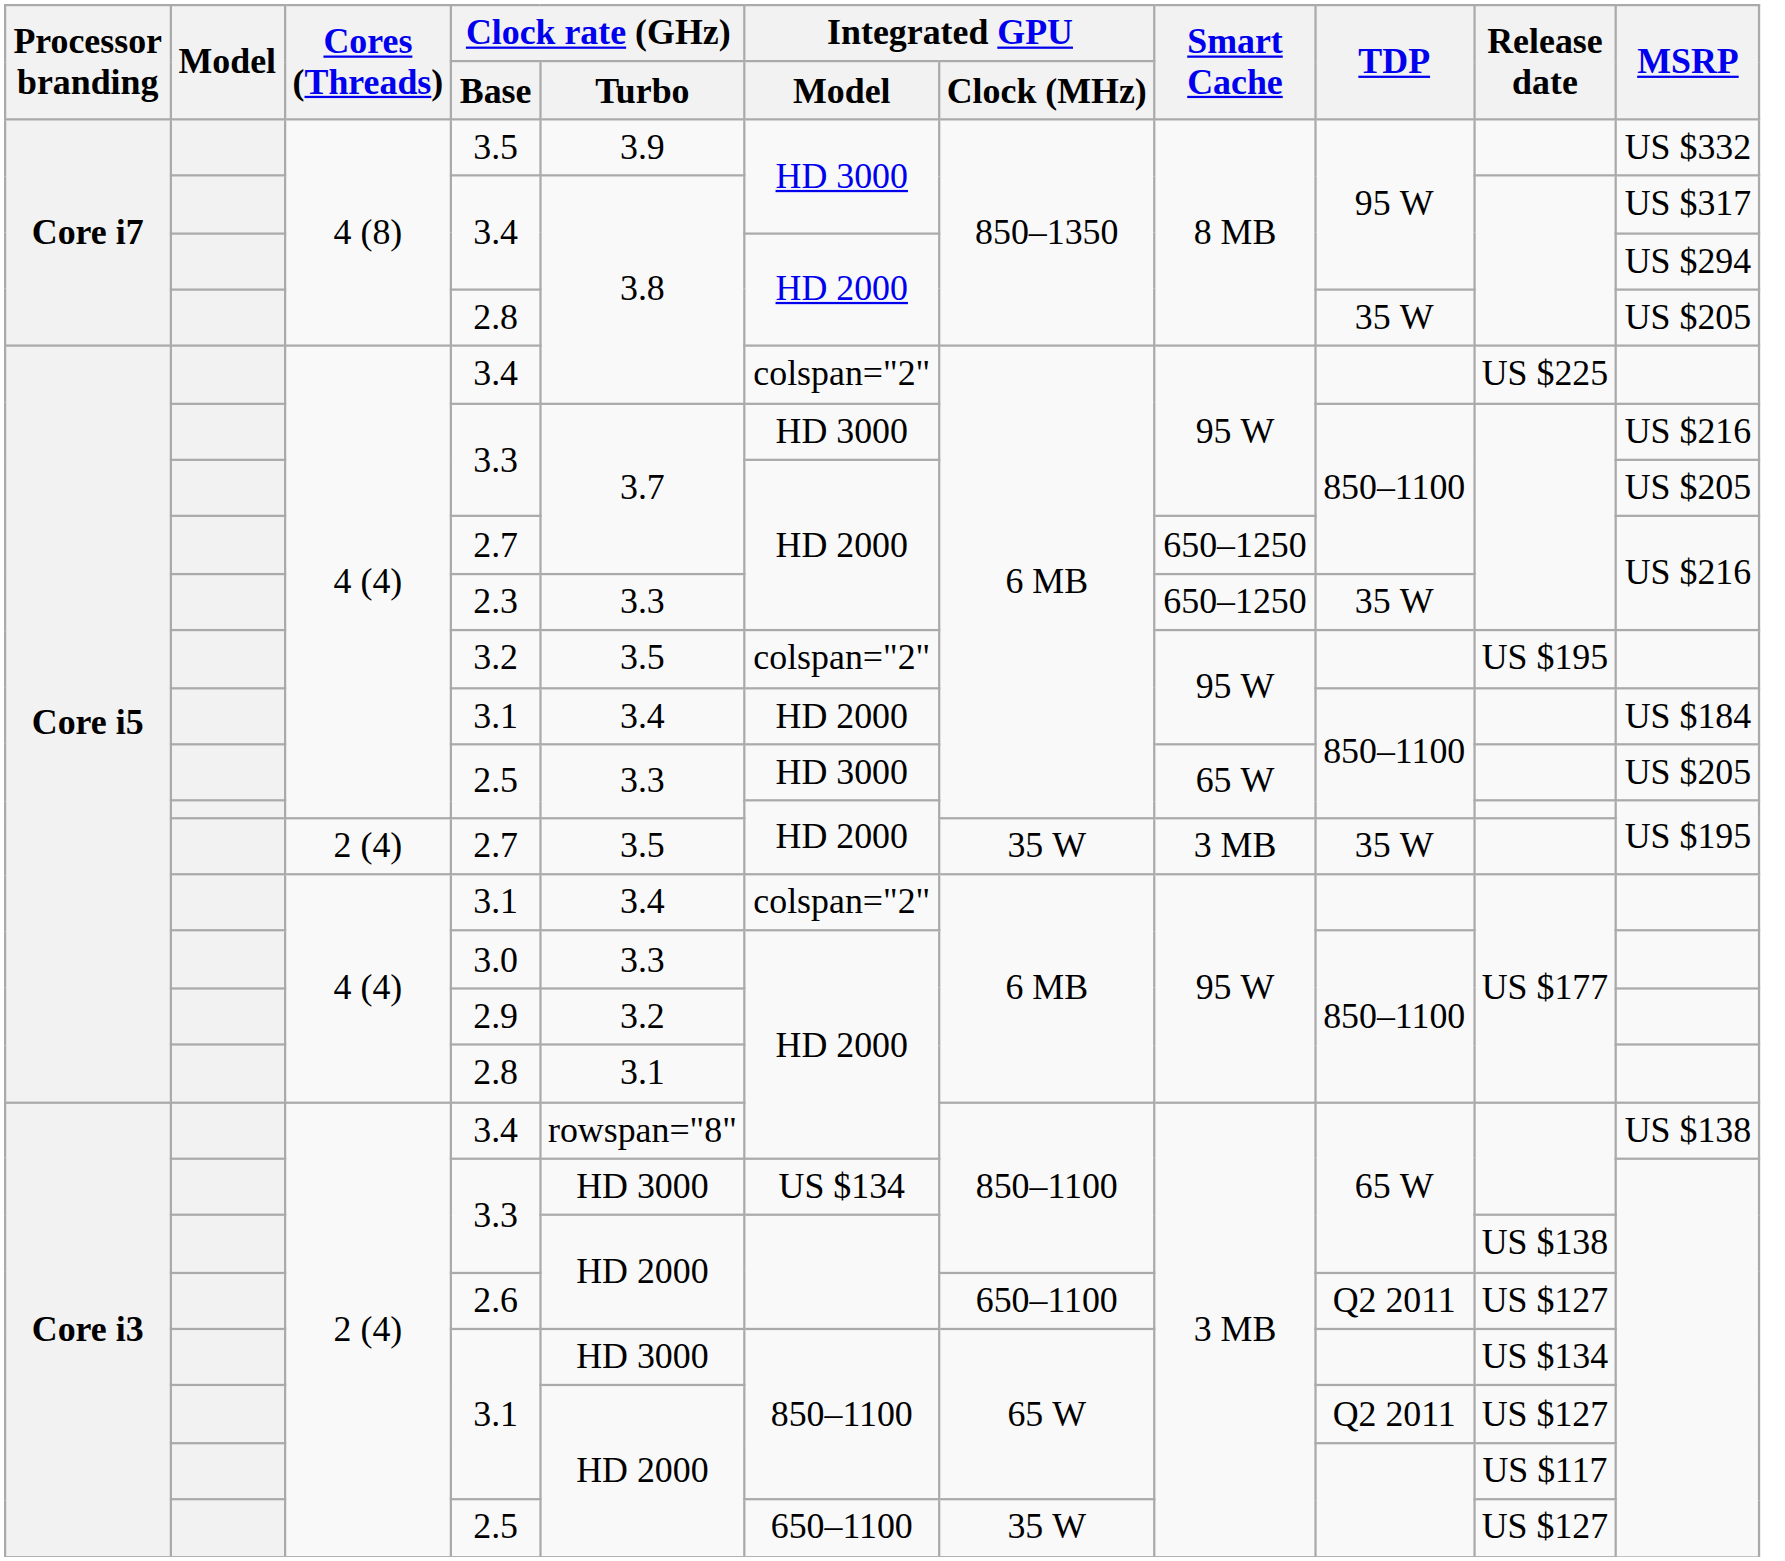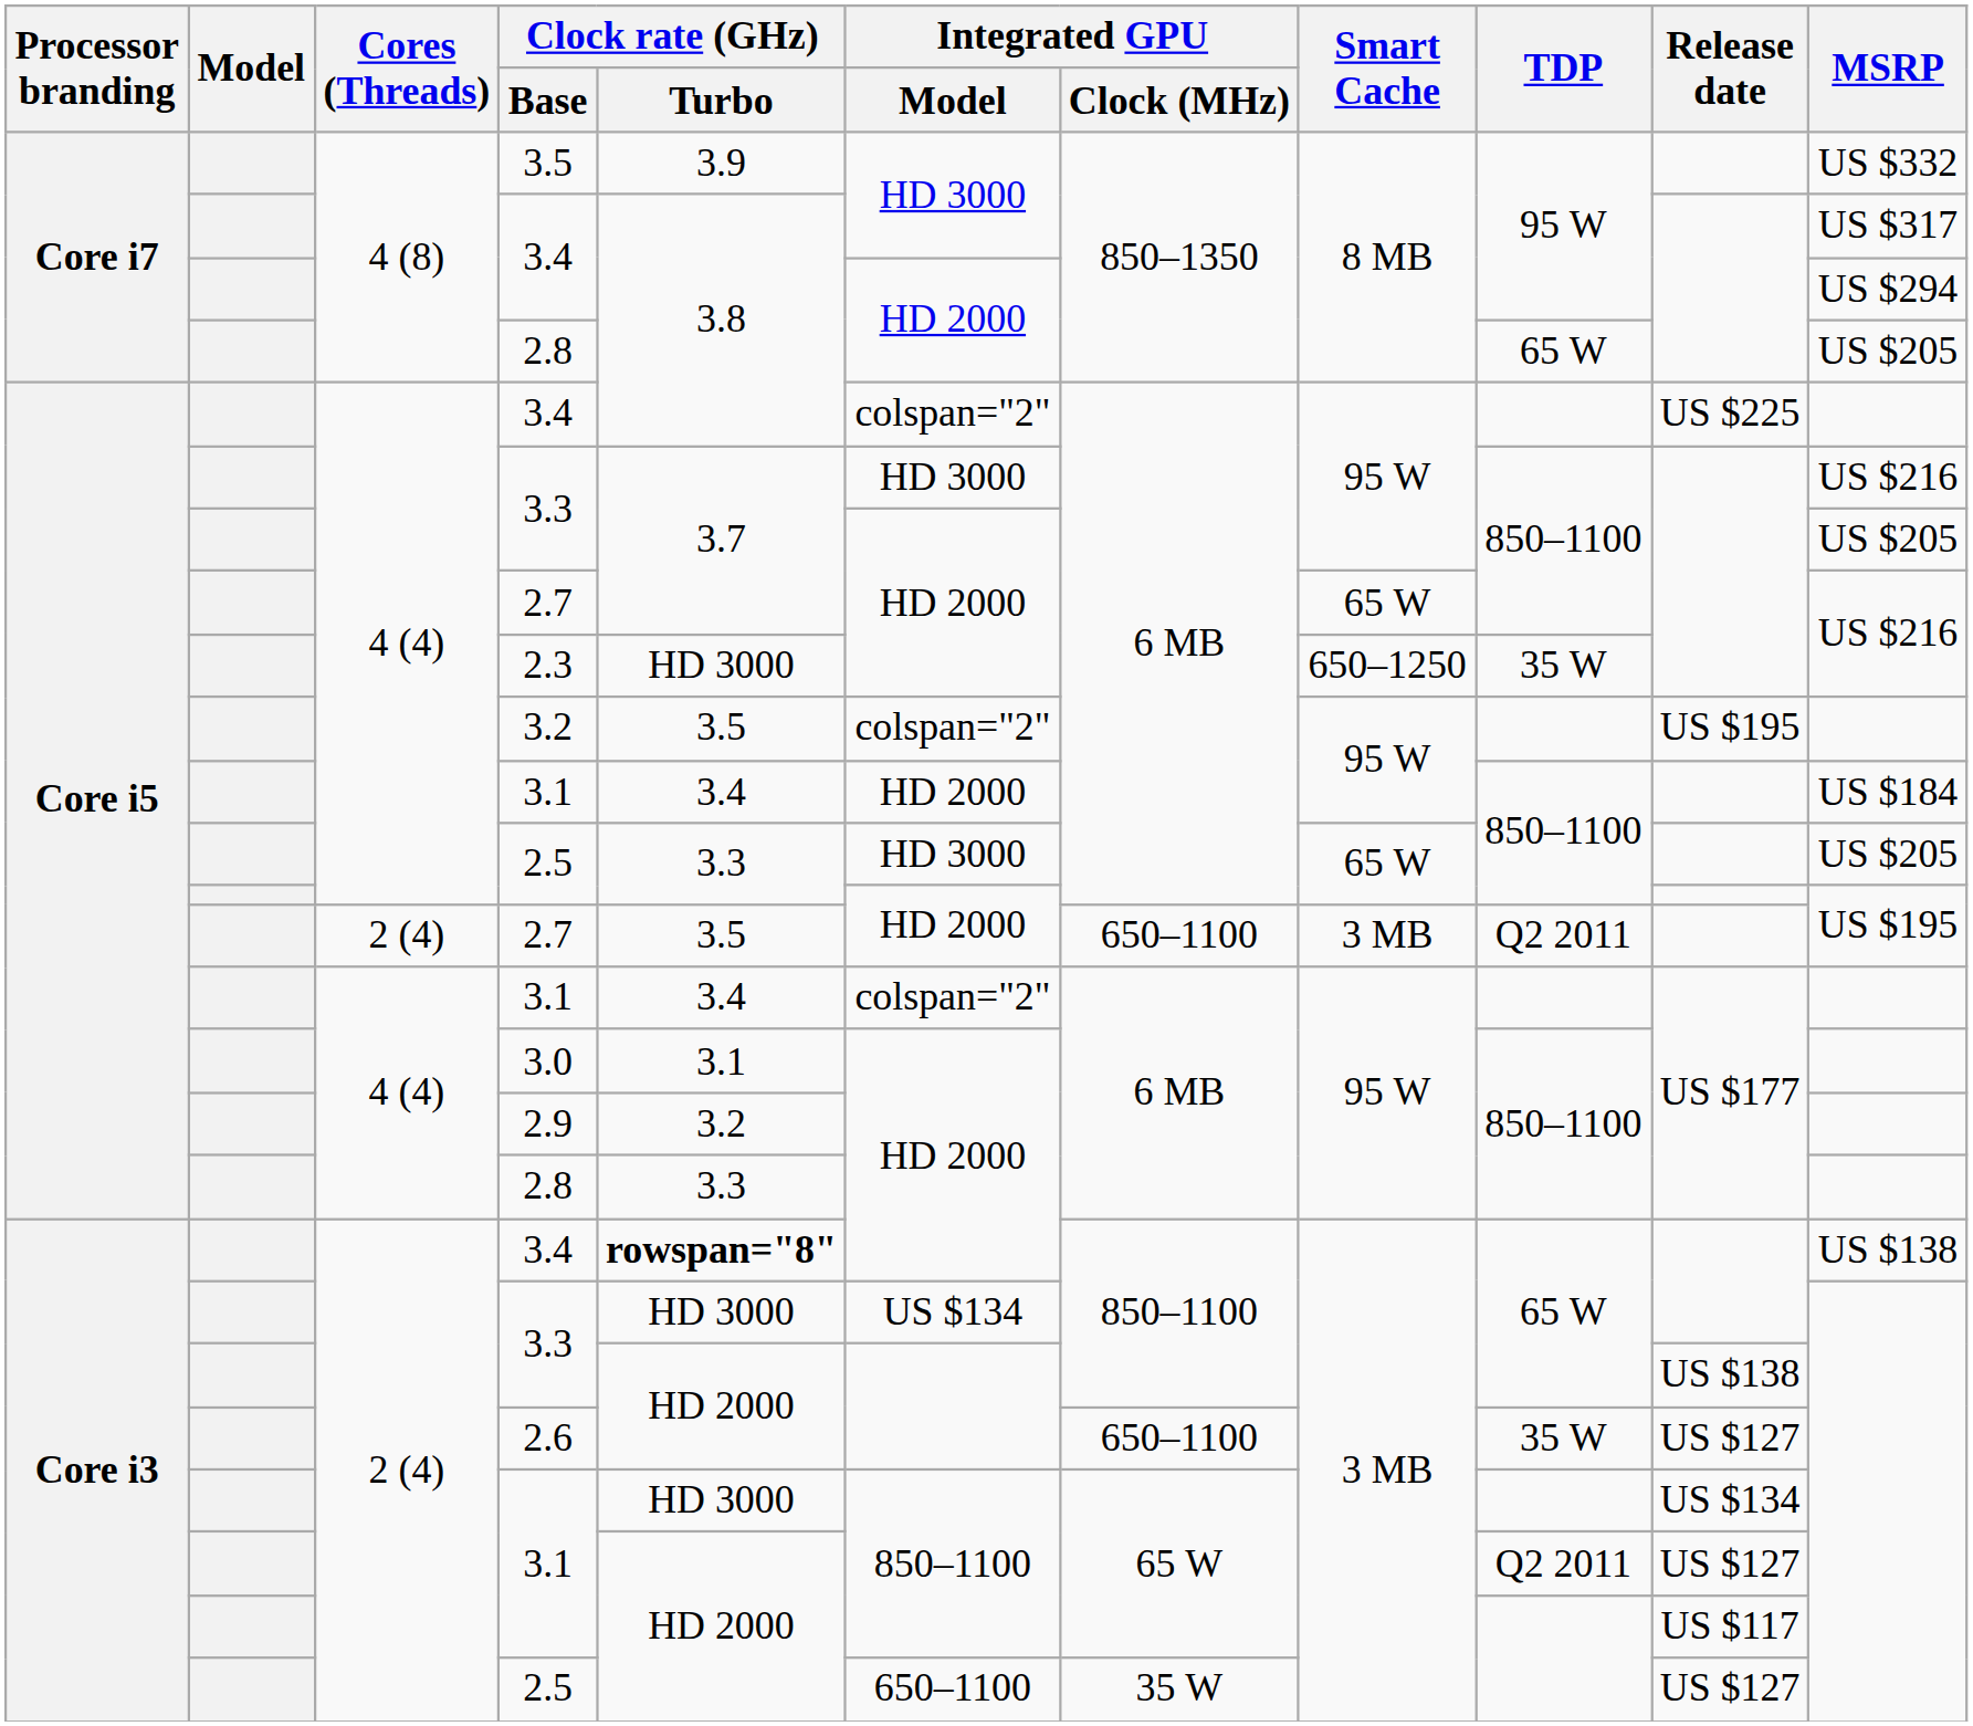 <table class="wikitable sortable nowrap" style="text-align: center;">
 <tr>
 <th class="unsortable" rowspan="2">Processor<br>branding</th>
 <th rowspan="2">Model</th>
 <th class="unsortable" rowspan="2"><a href='#'>Cores</a><br>(<a href='#'>Threads</a>)</th>
 <th colspan="2"><a href='#'>Clock rate</a> (GHz)</th>
 <th colspan="2">Integrated <a href='#'>GPU</a></th>
 <th class="unsortable" rowspan="2"><a href='#'>Smart<br>Cache</a></th>
 <th rowspan="2"><a href='#'>TDP</a></th>
 <th rowspan="2">Release<br>date</th>
 <th class="unsortable" rowspan="2"><a href='#'>MSRP</a></th>
 </tr>
 <tr>
 <th class="unsortable">Base</th>
 <th class="unsortable">Turbo</th>
 <th class="unsortable">Model</th>
 <th class="unsortable">Clock (MHz)</th>
 </tr>
 <tr>
 <th rowspan=4>Core i7</th>
 <th style="text-align:left;" data-sort-value="sku26"></th>
 <td rowspan=4>4 (8)</td>
 <td>3.5</td>
 <td>3.9</td>
 <td rowspan=2><a href='#'>HD 3000</a></td>
 <td rowspan=4>850–1350</td>
 <td rowspan=4>8 MB</td>
 <td rowspan=3>95 W</td>
 <td></td>
 <td>US $332</td>
 </tr>
 <tr>
 <th style="text-align:left;" data-sort-value="sku25"></th>
 <td rowspan=2>3.4</td>
 <td rowspan="4">3.8</td>
 <td rowspan=3></td>
 <td>US $317</td>
 </tr>
 <tr>
 <th style="text-align:left;" data-sort-value="sku24"></th>
 <td rowspan=2><a href='#'>HD 2000</a></td>
 <td>US $294</td>
 </tr>
 <tr>
 <th style="text-align:left;" data-sort-value="sku23"></th>
 <td>2.8</td>
-<td>35 W</td>
+<td>65 W</td>
 <td>US $205</td>
 </tr>
 <tr>
 <th rowspan="14">Core i5</th>
 <th style="text-align:left;" data-sort-value="sku22"></th>
 <td rowspan="9">4 (4)</td>
 <td>3.4</td>
 <td>colspan="2" </td>
 <td rowspan="9">6 MB</td>
 <td rowspan="3">95 W</td>
 <td></td>
 <td>US $225</td>
 </tr>
 <tr>
 <th style="text-align:left;" data-sort-value="sku21"></th>
 <td rowspan="2">3.3</td>
 <td rowspan="3">3.7</td>
 <td>HD 3000</td>
 <td rowspan="3">850–1100</td>
 <td rowspan="4"></td>
 <td>US $216</td>
 </tr>
 <tr>
 <th style="text-align:left;" data-sort-value="sku20"></th>
 <td rowspan="3">HD 2000</td>
 <td>US $205</td>
 </tr>
 <tr>
 <th style="text-align:left;" data-sort-value="sku19"></th>
 <td>2.7</td>
-<td>650–1250</td>
+<td>65 W</td>
 <td rowspan="2">US $216</td>
 </tr>
 <tr>
 <th style="text-align:left;" data-sort-value="sku18"></th>
 <td>2.3</td>
-<td>3.3</td>
+<td>HD 3000</td>
 <td>650–1250</td>
 <td>35 W</td>
 </tr>
 <tr>
 <th style="text-align:left;" data-sort-value="sku17"></th>
 <td>3.2</td>
 <td>3.5</td>
 <td>colspan="2" </td>
 <td rowspan="2">95 W</td>
 <td></td>
 <td>US $195</td>
 </tr>
 <tr>
 <th style="text-align:left;" data-sort-value="sku16"></th>
 <td>3.1</td>
 <td>3.4</td>
 <td>HD 2000</td>
 <td rowspan="3">850–1100</td>
 <td></td>
 <td>US $184</td>
 </tr>
 <tr>
 <th style="text-align:left;" data-sort-value="sku15"></th>
 <td rowspan="2">2.5</td>
 <td rowspan="2">3.3</td>
 <td>HD 3000</td>
 <td rowspan="2">65 W</td>
 <td></td>
 <td>US $205</td>
 </tr>
 <tr>
 <th style="text-align:left;" data-sort-value="sku14"></th>
 <td rowspan=2>HD 2000</td>
 <td></td>
 <td rowspan=2>US $195</td>
 </tr>
 <tr>
 <th style="text-align:left;" data-sort-value="sku13"></th>
 <td>2 (4)</td>
 <td>2.7</td>
 <td>3.5</td>
-<td>35 W</td>
+<td>650–1100</td>
 <td>3 MB</td>
-<td>35 W</td>
+<td>Q2 2011</td>
 <td></td>
 </tr>
 <tr>
 <th style="text-align:left;" data-sort-value="sku12"></th>
 <td rowspan=4>4 (4)</td>
 <td>3.1</td>
 <td>3.4</td>
 <td>colspan="2" </td>
 <td rowspan=4>6 MB</td>
 <td rowspan="4">95 W</td>
 <td></td>
 <td rowspan="4">US $177</td>
 </tr>
 <tr>
 <th style="text-align:left;" data-sort-value="sku11"></th>
 <td>3.0</td>
-<td>3.3</td>
+<td>3.1</td>
 <td rowspan="4">HD 2000</td>
 <td rowspan="3">850–1100</td>
 <td></td>
 </tr>
 <tr>
 <th style="text-align:left;" data-sort-value="sku10"></th>
 <td>2.9</td>
 <td>3.2</td>
 <td></td>
 </tr>
 <tr>
 <th style="text-align:left;" data-sort-value="sku9"></th>
 <td>2.8</td>
-<td>3.1</td>
+<td>3.3</td>
 <td></td>
 </tr>
 <tr>
 <th rowspan="8">Core i3</th>
 <th style="text-align:left;" data-sort-value="sku8"></th>
 <td rowspan=8>2 (4)</td>
 <td>3.4</td>
-<td>rowspan="8" </td>
+<td><strong>rowspan="8" </strong></td>
 <td rowspan="3">850–1100</td>
 <td rowspan="8">3 MB</td>
 <td rowspan="3">65 W</td>
 <td rowspan="2"></td>
 <td>US $138</td>
 </tr>
 <tr>
 <th style="text-align:left;" data-sort-value="sku7"></th>
 <td rowspan="2">3.3</td>
 <td>HD 3000</td>
 <td>US $134</td>
 </tr>
 <tr>
 <th style="text-align:left;" data-sort-value="sku6"></th>
 <td rowspan="2">HD 2000</td>
 <td rowspan="2"></td>
 <td>US $138</td>
 </tr>
 <tr>
 <th style="text-align:left;" data-sort-value="sku5"></th>
 <td>2.6</td>
 <td>650–1100</td>
-<td>Q2 2011</td>
+<td>35 W</td>
 <td>US $127</td>
 </tr>
 <tr>
 <th style="text-align:left;" data-sort-value="sku4"></th>
 <td rowspan="3">3.1</td>
 <td>HD 3000</td>
 <td rowspan="3">850–1100</td>
 <td rowspan="3">65 W</td>
 <td></td>
 <td>US $134</td>
 </tr>
 <tr>
 <th style="text-align:left;" data-sort-value="sku3"></th>
 <td rowspan="3">HD 2000</td>
 <td>Q2 2011</td>
 <td>US $127</td>
 </tr>
 <tr>
 <th style="text-align:left;" data-sort-value="sku2"></th>
 <td rowspan="2"></td>
 <td>US $117</td>
 </tr>
 <tr>
 <th style="text-align:left;" data-sort-value="sku1"></th>
 <td>2.5</td>
 <td>650–1100</td>
 <td>35 W</td>
 <td>US $127</td>
 </tr>
 <tr>
 </tr>
 </table>
